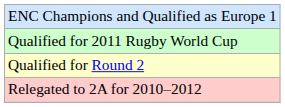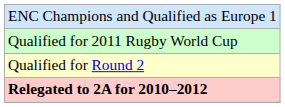 <table class="wikitable">
 <tr width=10px bgcolor="#D0E6FF">
 <td>ENC Champions and Qualified as Europe 1</td>
 </tr>
 <tr width=10px bgcolor="#ccffcc">
 <td>Qualified for 2011 Rugby World Cup</td>
 </tr>
 <tr width=10px bgcolor="#ffffcc">
 <td>Qualified for <a href='#'>Round 2</a></td>
 </tr>
 <tr width=10px bgcolor="#ffcccc">
-<td>Relegated to 2A for 2010–2012</td>
+<td><strong>Relegated to 2A for 2010–2012</strong></td>
 </tr>
 <tr>
 </tr>
 </table>
